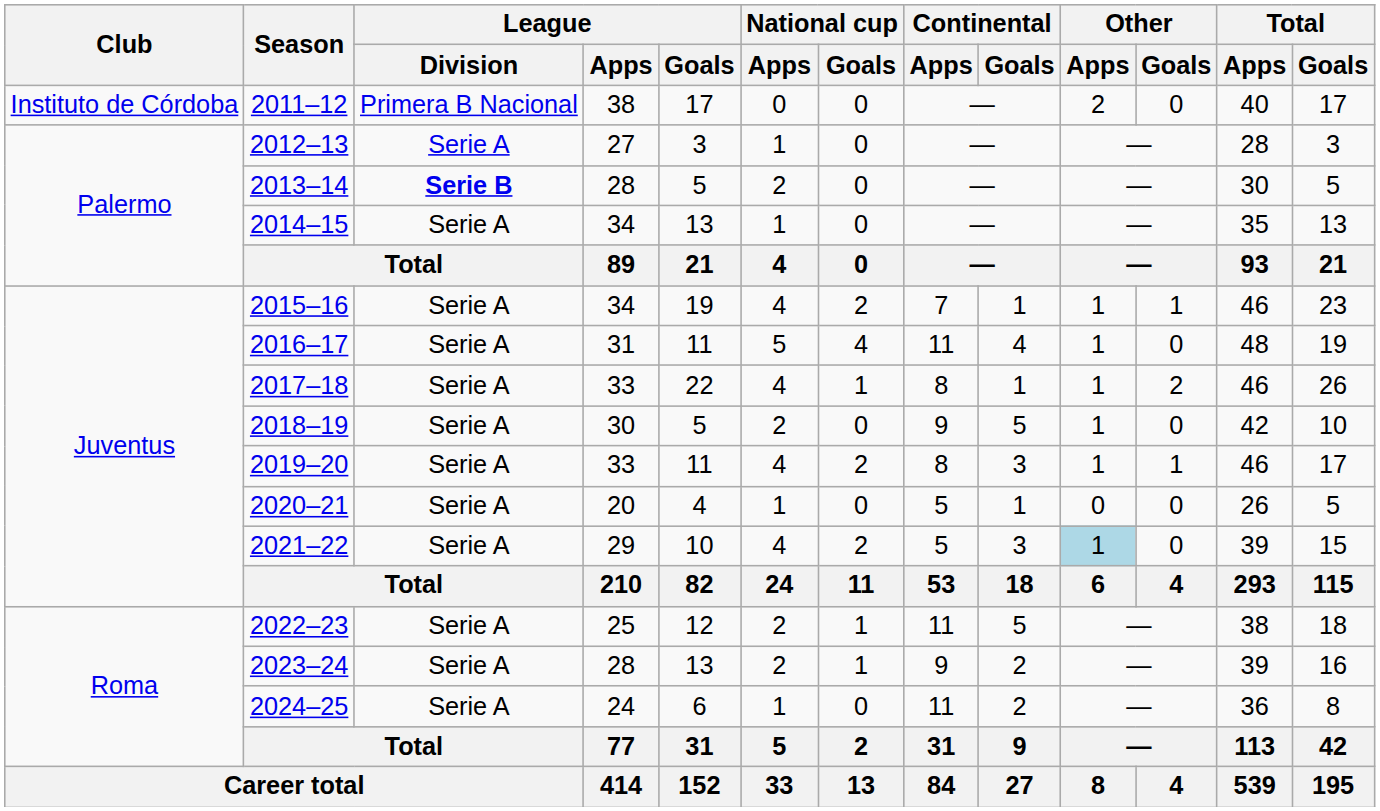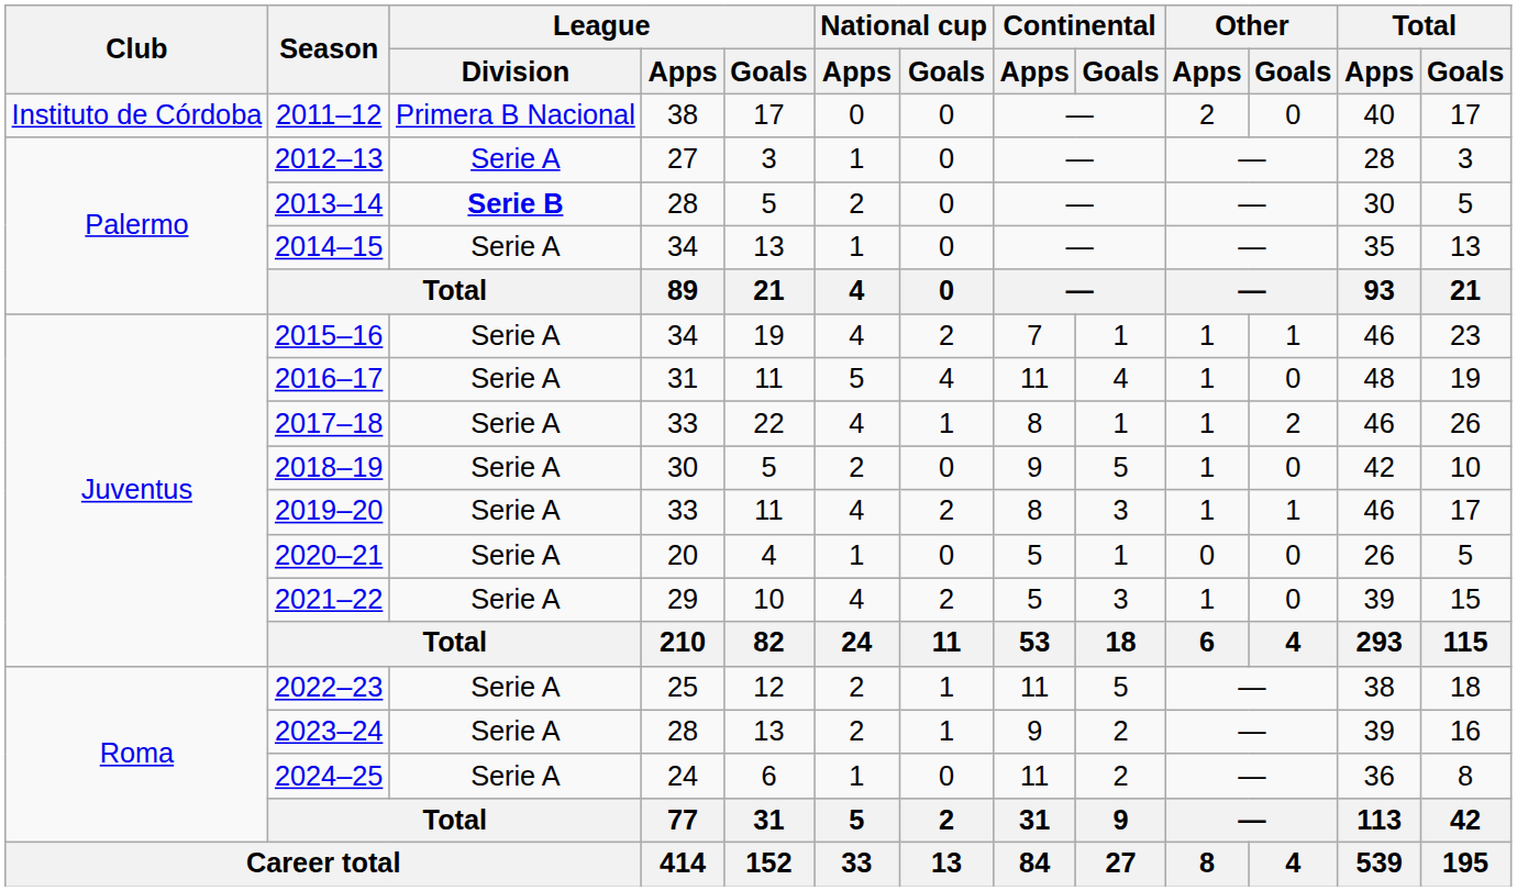 <table class="wikitable" style="text-align:center">
 <tr>
 <th rowspan="2">Club</th>
 <th rowspan="2">Season</th>
 <th colspan="3">League</th>
 <th colspan="2">National cup</th>
 <th colspan="2">Continental</th>
 <th colspan="2">Other</th>
 <th colspan="2">Total</th>
 </tr>
 <tr>
 <th>Division</th>
 <th>Apps</th>
 <th>Goals</th>
 <th>Apps</th>
 <th>Goals</th>
 <th>Apps</th>
 <th>Goals</th>
 <th>Apps</th>
 <th>Goals</th>
 <th>Apps</th>
 <th>Goals</th>
 </tr>
 <tr>
 <td><a href='#'>Instituto de Córdoba</a></td>
 <td><a href='#'>2011–12</a></td>
 <td><a href='#'>Primera B Nacional</a></td>
 <td>38</td>
 <td>17</td>
 <td>0</td>
 <td>0</td>
 <td colspan="2">—</td>
 <td>2</td>
 <td>0</td>
 <td>40</td>
 <td>17</td>
 </tr>
 <tr>
 <td rowspan="4"><a href='#'>Palermo</a></td>
 <td><a href='#'>2012–13</a></td>
 <td><a href='#'>Serie A</a></td>
 <td>27</td>
 <td>3</td>
 <td>1</td>
 <td>0</td>
 <td colspan="2">—</td>
 <td colspan="2">—</td>
 <td>28</td>
 <td>3</td>
 </tr>
 <tr>
 <td><a href='#'>2013–14</a></td>
 <td><strong><a href='#'>Serie B</a></strong></td>
 <td>28</td>
 <td>5</td>
 <td>2</td>
 <td>0</td>
 <td colspan="2">—</td>
 <td colspan="2">—</td>
 <td>30</td>
 <td>5</td>
 </tr>
 <tr>
 <td><a href='#'>2014–15</a></td>
 <td>Serie A</td>
 <td>34</td>
 <td>13</td>
 <td>1</td>
 <td>0</td>
 <td colspan="2">—</td>
 <td colspan="2">—</td>
 <td>35</td>
 <td>13</td>
 </tr>
 <tr>
 <th colspan="2">Total</th>
 <th>89</th>
 <th>21</th>
 <th>4</th>
 <th>0</th>
 <th colspan="2">—</th>
 <th colspan="2">—</th>
 <th>93</th>
 <th>21</th>
 </tr>
 <tr>
 <td rowspan="8"><a href='#'>Juventus</a></td>
 <td><a href='#'>2015–16</a></td>
 <td>Serie A</td>
 <td>34</td>
 <td>19</td>
 <td>4</td>
 <td>2</td>
 <td>7</td>
 <td>1</td>
 <td>1</td>
 <td>1</td>
 <td>46</td>
 <td>23</td>
 </tr>
 <tr>
 <td><a href='#'>2016–17</a></td>
 <td>Serie A</td>
 <td>31</td>
 <td>11</td>
 <td>5</td>
 <td>4</td>
 <td>11</td>
 <td>4</td>
 <td>1</td>
 <td>0</td>
 <td>48</td>
 <td>19</td>
 </tr>
 <tr>
 <td><a href='#'>2017–18</a></td>
 <td>Serie A</td>
 <td>33</td>
 <td>22</td>
 <td>4</td>
 <td>1</td>
 <td>8</td>
 <td>1</td>
 <td>1</td>
 <td>2</td>
 <td>46</td>
 <td>26</td>
 </tr>
 <tr>
 <td><a href='#'>2018–19</a></td>
 <td>Serie A</td>
 <td>30</td>
 <td>5</td>
 <td>2</td>
 <td>0</td>
 <td>9</td>
 <td>5</td>
 <td>1</td>
 <td>0</td>
 <td>42</td>
 <td>10</td>
 </tr>
 <tr>
 <td><a href='#'>2019–20</a></td>
 <td>Serie A</td>
 <td>33</td>
 <td>11</td>
 <td>4</td>
 <td>2</td>
 <td>8</td>
 <td>3</td>
 <td>1</td>
 <td>1</td>
 <td>46</td>
 <td>17</td>
 </tr>
 <tr>
 <td><a href='#'>2020–21</a></td>
 <td>Serie A</td>
 <td>20</td>
 <td>4</td>
 <td>1</td>
 <td>0</td>
 <td>5</td>
 <td>1</td>
 <td>0</td>
 <td>0</td>
 <td>26</td>
 <td>5</td>
 </tr>
 <tr>
 <td><a href='#'>2021–22</a></td>
 <td>Serie A</td>
 <td>29</td>
 <td>10</td>
 <td>4</td>
 <td>2</td>
 <td>5</td>
 <td>3</td>
-<td style="background: lightblue;">1</td>
+<td>1</td>
 <td>0</td>
 <td>39</td>
 <td>15</td>
 </tr>
 <tr>
 <th colspan="2">Total</th>
 <th>210</th>
 <th>82</th>
 <th>24</th>
 <th>11</th>
 <th>53</th>
 <th>18</th>
 <th>6</th>
 <th>4</th>
 <th>293</th>
 <th>115</th>
 </tr>
 <tr>
 <td rowspan="4"><a href='#'>Roma</a></td>
 <td><a href='#'>2022–23</a></td>
 <td>Serie A</td>
 <td>25</td>
 <td>12</td>
 <td>2</td>
 <td>1</td>
 <td>11</td>
 <td>5</td>
 <td colspan="2">—</td>
 <td>38</td>
 <td>18</td>
 </tr>
 <tr>
 <td><a href='#'>2023–24</a></td>
 <td>Serie A</td>
 <td>28</td>
 <td>13</td>
 <td>2</td>
 <td>1</td>
 <td>9</td>
 <td>2</td>
 <td colspan="2">—</td>
 <td>39</td>
 <td>16</td>
 </tr>
 <tr>
 <td><a href='#'>2024–25</a></td>
 <td>Serie A</td>
 <td>24</td>
 <td>6</td>
 <td>1</td>
 <td>0</td>
 <td>11</td>
 <td>2</td>
 <td colspan="2">—</td>
 <td>36</td>
 <td>8</td>
 </tr>
 <tr>
 <th colspan="2">Total</th>
 <th>77</th>
 <th>31</th>
 <th>5</th>
 <th>2</th>
 <th>31</th>
 <th>9</th>
 <th colspan="2">—</th>
 <th>113</th>
 <th>42</th>
 </tr>
 <tr>
 <th colspan="3">Career total</th>
 <th>414</th>
 <th>152</th>
 <th>33</th>
 <th>13</th>
 <th>84</th>
 <th>27</th>
 <th>8</th>
 <th>4</th>
 <th>539</th>
 <th>195</th>
 </tr>
 </table>
